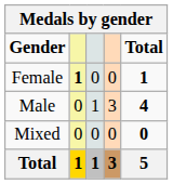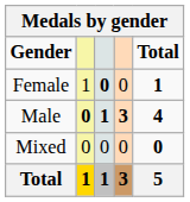 <table class=wikitable style=font-size:85%>
 <tr style="background:#efefef;">
 <th colspan=7><strong>Medals by gender</strong></th>
 </tr>
 <tr align=center>
 <td><strong>Gender</strong></td>
 <td bgcolor=#f7f6a8></td>
 <td bgcolor=#dce5e5></td>
 <td bgcolor=#ffdab9></td>
 <td><strong>Total</strong></td>
 </tr>
 <tr align=center>
 <td>Female</td>
-<td style="background:#F7F6A8;"><strong>1</strong></td>
-<td style="background:#DCE5E5;">0</td>
+<td style="background:#F7F6A8;">1</td>
+<td style="background:#DCE5E5;"><strong>0</strong></td>
 <td style="background:#FFDAB9;">0</td>
 <td><strong>1</strong></td>
 </tr>
 <tr align=center>
 <td>Male</td>
-<td style="background:#F7F6A8;">0</td>
-<td style="background:#DCE5E5;">1</td>
-<td style="background:#FFDAB9;">3</td>
+<td style="background:#F7F6A8;"><strong>0</strong></td>
+<td style="background:#DCE5E5;"><strong>1</strong></td>
+<td style="background:#FFDAB9;"><strong>3</strong></td>
 <td><strong>4</strong></td>
 </tr>
 <tr align=center>
 <td>Mixed</td>
 <td style="background:#F7F6A8;">0</td>
 <td style="background:#DCE5E5;">0</td>
 <td style="background:#FFDAB9;">0</td>
 <td><strong>0</strong></td>
 </tr>
 <tr align=center>
 <th><strong>Total</strong></th>
 <th style="background:gold;"><strong>1</strong></th>
 <th style="background:silver;"><strong>1</strong></th>
 <th style="background:#c96;"><strong>3</strong></th>
 <th><strong>5</strong></th>
 </tr>
 </table>
